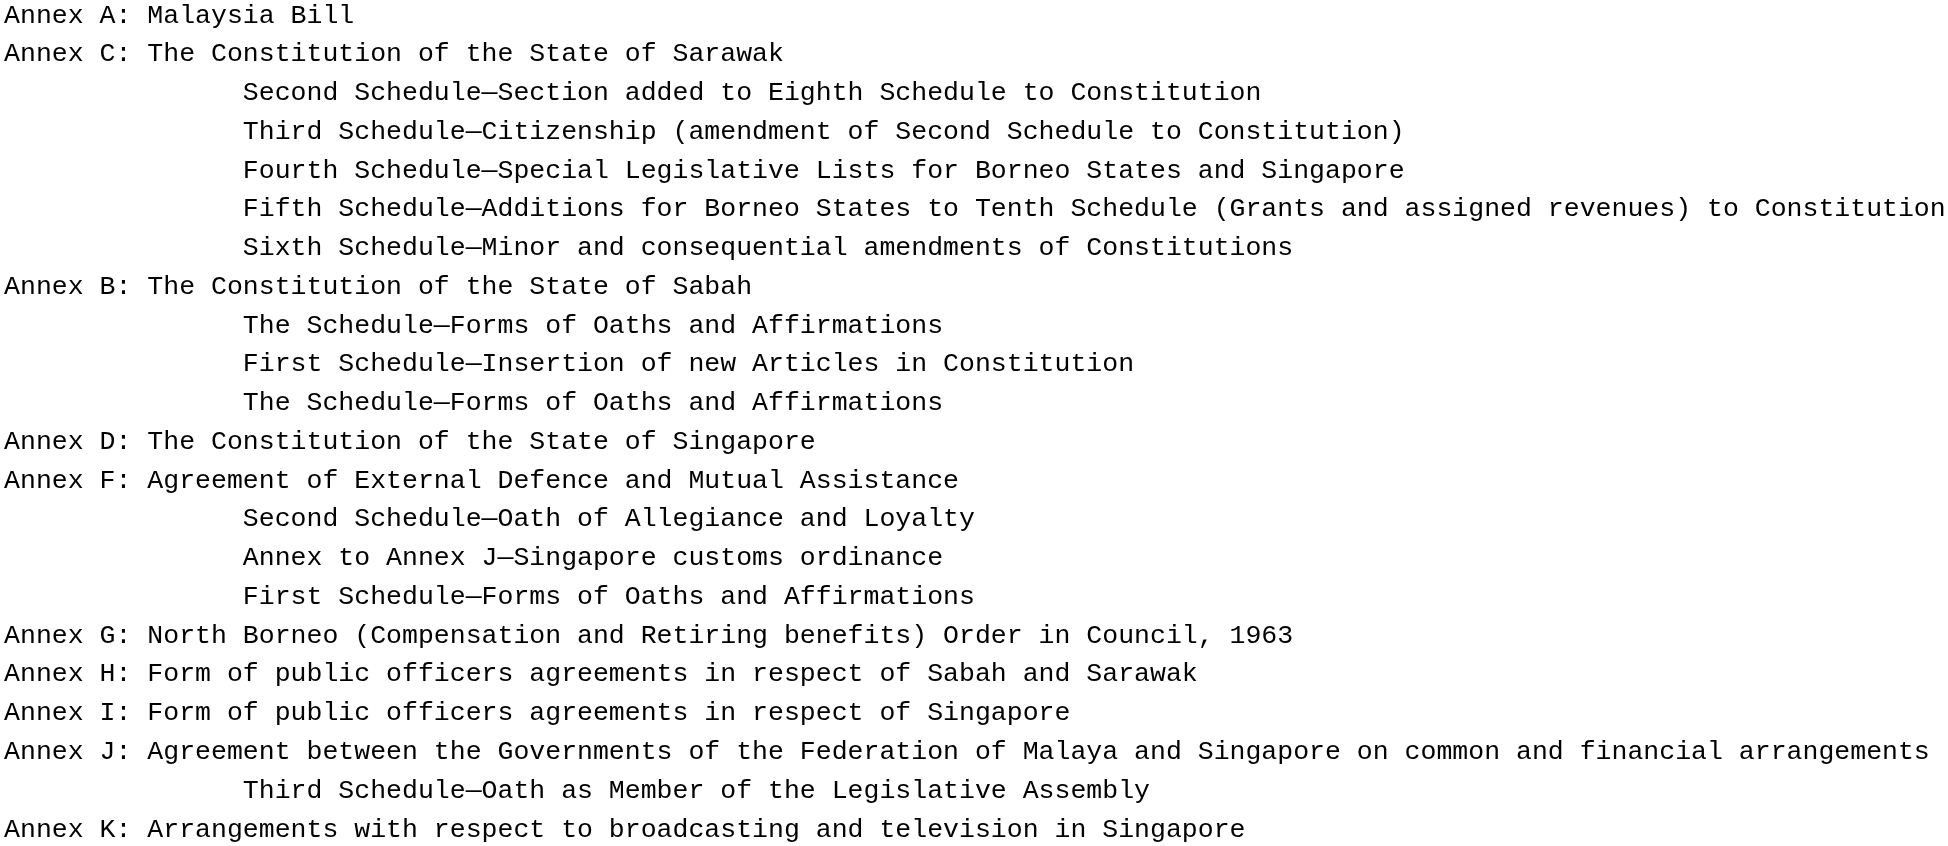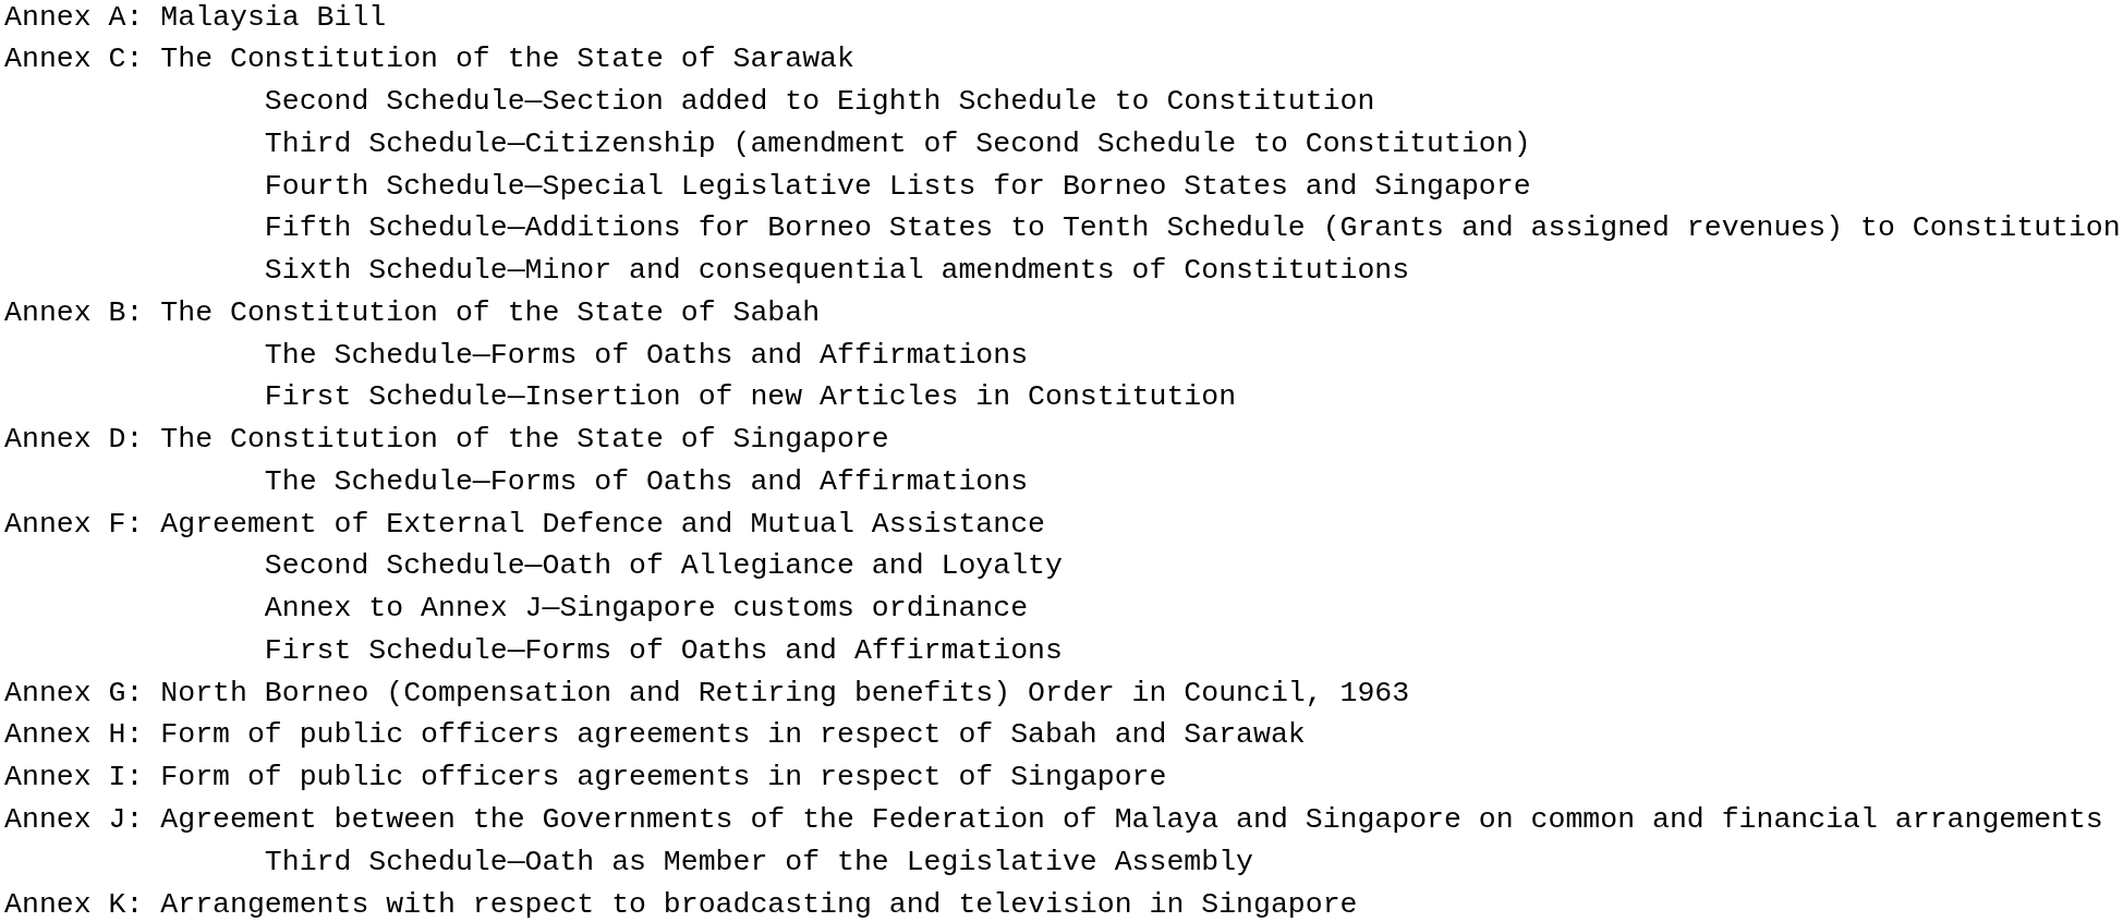 <table>
 <tr>
 <td>Annex A: Malaysia Bill</td>
 </tr>
 <tr>
 <td>Annex C: The Constitution of the State of Sarawak</td>
 </tr>
 <tr>
 <td>               Second Schedule—Section added to Eighth Schedule to Constitution</td>
 </tr>
 <tr>
 <td>               Third Schedule—Citizenship (amendment of Second Schedule to Constitution)</td>
 </tr>
 <tr>
 <td>               Fourth Schedule—Special Legislative Lists for Borneo States and Singapore</td>
 </tr>
 <tr>
 <td>               Fifth Schedule—Additions for Borneo States to Tenth Schedule (Grants and assigned revenues) to Constitution</td>
 </tr>
 <tr>
 <td>               Sixth Schedule—Minor and consequential amendments of Constitutions</td>
 </tr>
 <tr>
 <td>Annex B: The Constitution of the State of Sabah</td>
 </tr>
 <tr>
 <td>               The Schedule—Forms of Oaths and Affirmations</td>
 </tr>
 <tr>
 <td>               First Schedule—Insertion of new Articles in Constitution</td>
 </tr>
 <tr>
-<td>               The Schedule—Forms of Oaths and Affirmations</td>
+<td>Annex D: The Constitution of the State of Singapore</td>
 </tr>
 <tr>
-<td>Annex D: The Constitution of the State of Singapore</td>
+<td>               The Schedule—Forms of Oaths and Affirmations</td>
 </tr>
 <tr>
 <td>Annex F: Agreement of External Defence and Mutual Assistance</td>
 </tr>
 <tr>
 <td>               Second Schedule—Oath of Allegiance and Loyalty</td>
 </tr>
 <tr>
 <td>               Annex to Annex J—Singapore customs ordinance</td>
 </tr>
 <tr>
 <td>               First Schedule—Forms of Oaths and Affirmations</td>
 </tr>
 <tr>
 <td>Annex G: North Borneo (Compensation and Retiring benefits) Order in Council, 1963</td>
 </tr>
 <tr>
 <td>Annex H: Form of public officers agreements in respect of Sabah and Sarawak</td>
 </tr>
 <tr>
 <td>Annex I: Form of public officers agreements in respect of Singapore</td>
 </tr>
 <tr>
 <td>Annex J: Agreement between the Governments of the Federation of Malaya and Singapore on common and financial arrangements</td>
 </tr>
 <tr>
 <td>               Third Schedule—Oath as Member of the Legislative Assembly</td>
 </tr>
 <tr>
 <td>Annex K: Arrangements with respect to broadcasting and television in Singapore</td>
 </tr>
 </table>
